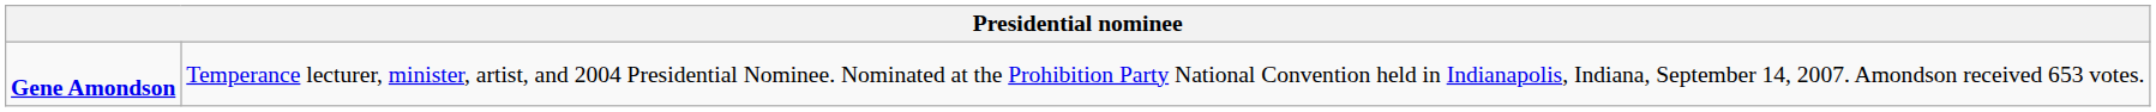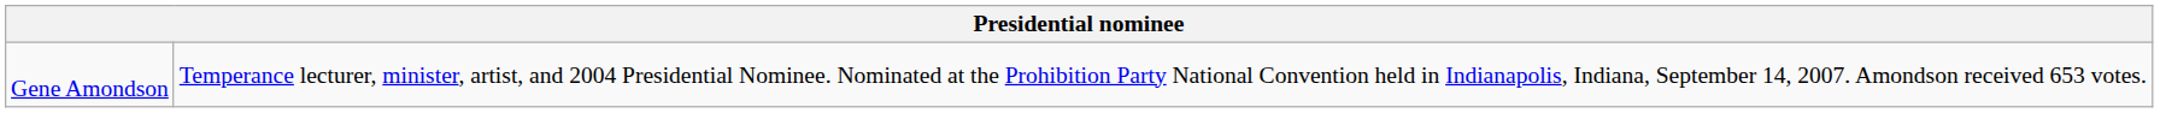 <table class=wikitable>
 <tr>
 <th colspan=3>Presidential nominee</th>
 </tr>
 <tr>
-<td><strong><br><a href='#'>Gene Amondson</a></strong></td>
+<td><br><a href='#'>Gene Amondson</a></td>
 <td><a href='#'>Temperance</a> lecturer, <a href='#'>minister</a>, artist, and 2004 Presidential Nominee. Nominated at the <a href='#'>Prohibition Party</a> National Convention held in <a href='#'>Indianapolis</a>, Indiana, September 14, 2007. Amondson received 653 votes.</td>
 </tr>
 </table>
